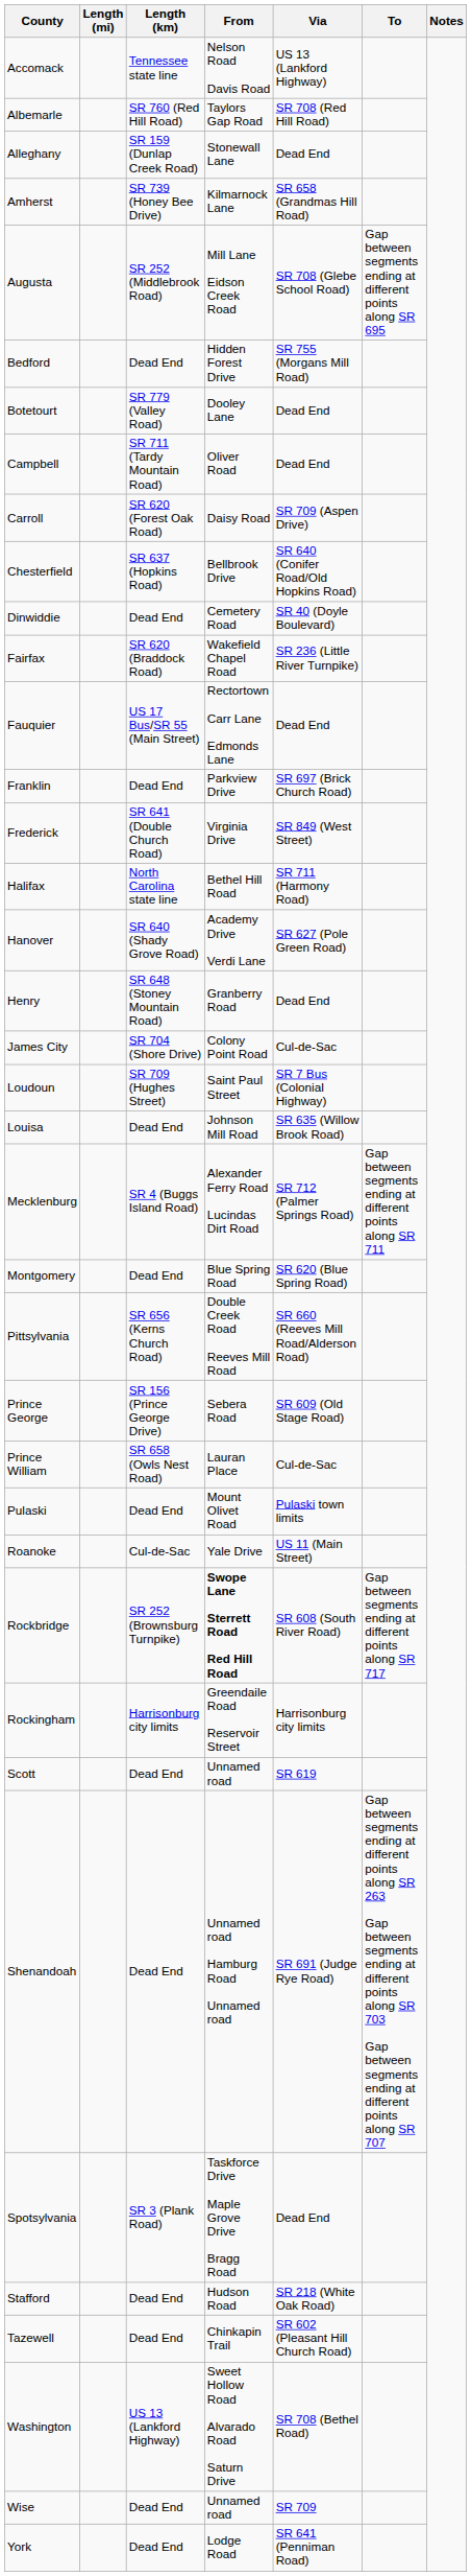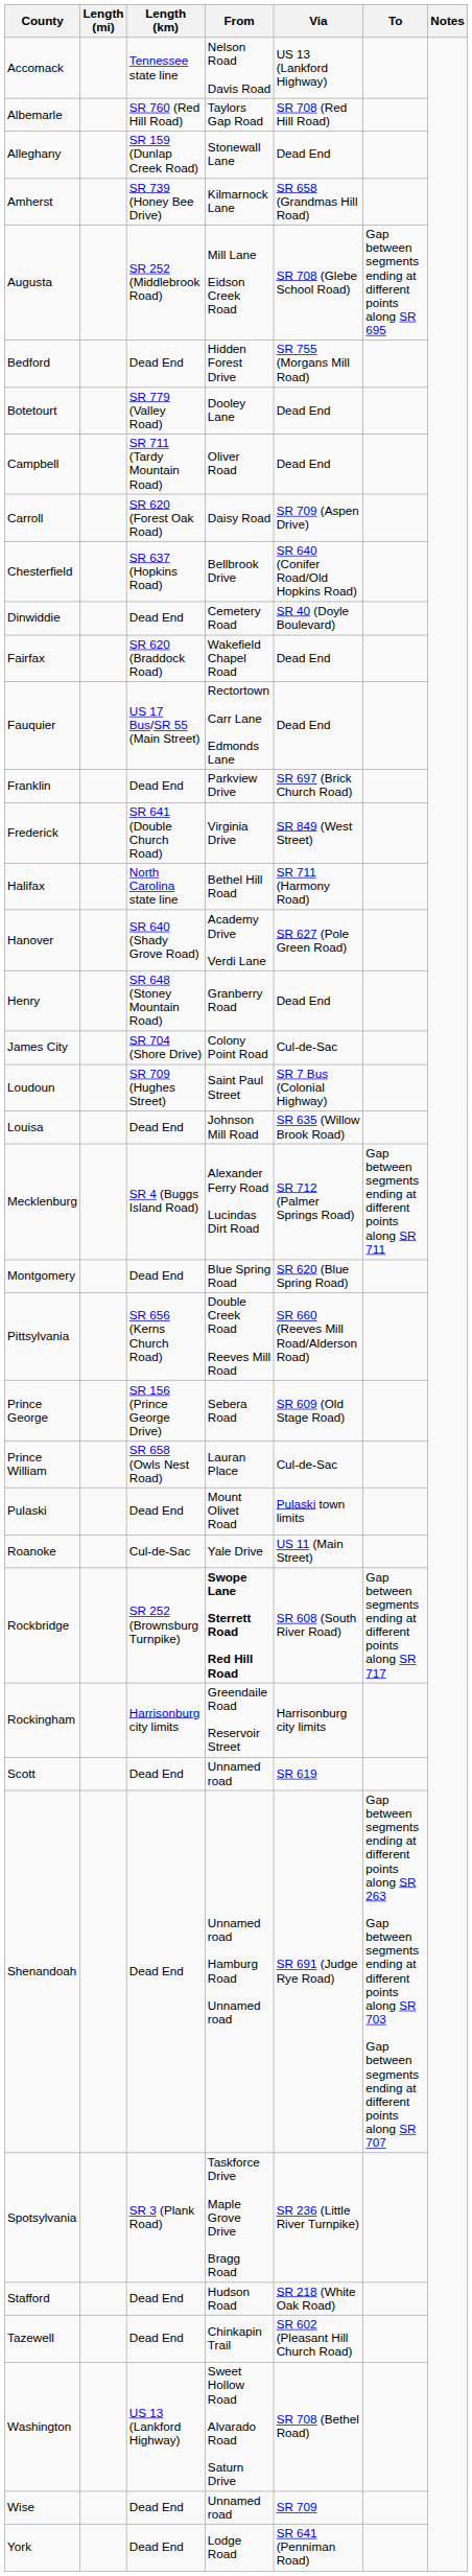 <table class="wikitable sortable">
 <tr>
 <th>County</th>
 <th>Length<br>(mi)</th>
 <th>Length<br>(km)</th>
 <th class="unsortable">From</th>
 <th class="unsortable">Via</th>
 <th class="unsortable">To</th>
 <th class="unsortable">Notes</th>
 </tr>
 <tr>
 <td id="Accomack">Accomack</td>
 <td></td>
 <td><a href='#'>Tennessee</a> state line</td>
 <td>Nelson Road<br><br>Davis Road</td>
 <td>US 13 (Lankford Highway)</td>
 <td></td>
 </tr>
 <tr>
 <td id="Albemarle">Albemarle</td>
 <td></td>
 <td><a href='#'>SR 760</a> (Red Hill Road)</td>
 <td>Taylors Gap Road</td>
 <td><a href='#'>SR 708</a> (Red Hill Road)</td>
 <td></td>
 </tr>
 <tr>
 <td id="Alleghany">Alleghany</td>
 <td></td>
 <td><a href='#'>SR 159</a> (Dunlap Creek Road)</td>
 <td>Stonewall Lane</td>
 <td>Dead End</td>
 <td><br></td>
 </tr>
 <tr>
 <td id="Amherst">Amherst</td>
 <td></td>
 <td><a href='#'>SR 739</a> (Honey Bee Drive)</td>
 <td>Kilmarnock Lane</td>
 <td><a href='#'>SR 658</a> (Grandmas Hill Road)</td>
 <td><br> </td>
 </tr>
 <tr>
 <td id="Augusta">Augusta</td>
 <td></td>
 <td><a href='#'>SR 252</a> (Middlebrook Road)</td>
 <td>Mill Lane<br><br>Eidson Creek Road</td>
 <td><a href='#'>SR 708</a> (Glebe School Road)</td>
 <td>Gap between segments ending at different points along <a href='#'>SR 695</a><br></td>
 </tr>
 <tr>
 <td id="Bedford">Bedford</td>
 <td></td>
 <td>Dead End</td>
 <td>Hidden Forest Drive</td>
 <td><a href='#'>SR 755</a> (Morgans Mill Road)</td>
 <td><br></td>
 </tr>
 <tr>
 <td id="Botetourt">Botetourt</td>
 <td></td>
 <td><a href='#'>SR 779</a> (Valley Road)</td>
 <td>Dooley Lane</td>
 <td>Dead End</td>
 <td><br>  </td>
 </tr>
 <tr>
 <td id="Campbell">Campbell</td>
 <td></td>
 <td><a href='#'>SR 711</a> (Tardy Mountain Road)</td>
 <td>Oliver Road</td>
 <td>Dead End</td>
 <td><br></td>
 </tr>
 <tr>
 <td id="Carroll">Carroll</td>
 <td></td>
 <td><a href='#'>SR 620</a> (Forest Oak Road)</td>
 <td>Daisy Road</td>
 <td><a href='#'>SR 709</a> (Aspen Drive)</td>
 <td><br> </td>
 </tr>
 <tr>
 <td id="Chesterfield">Chesterfield</td>
 <td></td>
 <td><a href='#'>SR 637</a> (Hopkins Road)</td>
 <td>Bellbrook Drive</td>
 <td><a href='#'>SR 640</a> (Conifer Road/Old Hopkins Road)</td>
 <td><br>    </td>
 </tr>
 <tr>
 <td id="Dinwiddie">Dinwiddie</td>
 <td></td>
 <td>Dead End</td>
 <td>Cemetery Road</td>
 <td><a href='#'>SR 40</a> (Doyle Boulevard)</td>
 <td><br></td>
 </tr>
 <tr>
 <td id="Fairfax">Fairfax</td>
 <td></td>
 <td><a href='#'>SR 620</a> (Braddock Road)</td>
 <td>Wakefield Chapel Road</td>
-<td><a href='#'>SR 236</a> (Little River Turnpike)</td>
+<td>Dead End</td>
 <td></td>
 </tr>
 <tr>
 <td id="Fauquier">Fauquier</td>
 <td></td>
 <td><a href='#'>US 17 Bus</a>/<a href='#'>SR 55</a> (Main Street)</td>
 <td>Rectortown<br><br>Carr Lane<br><br>Edmonds Lane</td>
 <td>Dead End</td>
 <td><br> </td>
 </tr>
 <tr>
 <td id="Franklin">Franklin</td>
 <td></td>
 <td>Dead End</td>
 <td>Parkview Drive</td>
 <td><a href='#'>SR 697</a> (Brick Church Road)</td>
 <td></td>
 </tr>
 <tr>
 <td id="Frederick">Frederick</td>
 <td></td>
 <td><a href='#'>SR 641</a> (Double Church Road)</td>
 <td>Virginia Drive</td>
 <td><a href='#'>SR 849</a> (West Street)</td>
 <td><br>     </td>
 </tr>
 <tr>
 <td id="Halifax">Halifax</td>
 <td></td>
 <td><a href='#'>North Carolina</a> state line</td>
 <td>Bethel Hill Road</td>
 <td><a href='#'>SR 711</a> (Harmony Road)</td>
 <td></td>
 </tr>
 <tr>
 <td id="Hanover">Hanover</td>
 <td></td>
 <td><a href='#'>SR 640</a> (Shady Grove Road)</td>
 <td>Academy Drive<br><br>Verdi Lane</td>
 <td><a href='#'>SR 627</a> (Pole Green Road)</td>
 <td><br></td>
 </tr>
 <tr>
 <td id="Henry">Henry</td>
 <td></td>
 <td><a href='#'>SR 648</a> (Stoney Mountain Road)</td>
 <td>Granberry Road</td>
 <td>Dead End</td>
 <td><br> </td>
 </tr>
 <tr>
 <td id="James City">James City</td>
 <td></td>
 <td><a href='#'>SR 704</a> (Shore Drive)</td>
 <td>Colony Point Road</td>
 <td>Cul-de-Sac</td>
 <td><br>    </td>
 </tr>
 <tr>
 <td id="Loudoun">Loudoun</td>
 <td></td>
 <td><a href='#'>SR 709</a> (Hughes Street)</td>
 <td>Saint Paul Street</td>
 <td><a href='#'>SR 7 Bus</a> (Colonial Highway)</td>
 <td></td>
 </tr>
 <tr>
 <td id="Louisa">Louisa</td>
 <td></td>
 <td>Dead End</td>
 <td>Johnson Mill Road</td>
 <td><a href='#'>SR 635</a> (Willow Brook Road)</td>
 <td><br>  </td>
 </tr>
 <tr>
 <td id="Mecklenburg">Mecklenburg</td>
 <td></td>
 <td><a href='#'>SR 4</a> (Buggs Island Road)</td>
 <td>Alexander Ferry Road<br><br>Lucindas Dirt Road</td>
 <td><a href='#'>SR 712</a> (Palmer Springs Road)</td>
 <td>Gap between segments ending at different points along <a href='#'>SR 711</a><br></td>
 </tr>
 <tr>
 <td id="Montgomery">Montgomery</td>
 <td></td>
 <td>Dead End</td>
 <td>Blue Spring Road</td>
 <td><a href='#'>SR 620</a> (Blue Spring Road)</td>
 <td><br>       </td>
 </tr>
 <tr>
 <td id="Pittsylvania">Pittsylvania</td>
 <td></td>
 <td><a href='#'>SR 656</a> (Kerns Church Road)</td>
 <td>Double Creek Road<br><br>Reeves Mill Road</td>
 <td><a href='#'>SR 660</a> (Reeves Mill Road/Alderson Road)</td>
 <td><br> </td>
 </tr>
 <tr>
 <td id="Prince George">Prince George</td>
 <td></td>
 <td><a href='#'>SR 156</a> (Prince George Drive)</td>
 <td>Sebera Road</td>
 <td><a href='#'>SR 609</a> (Old Stage Road)</td>
 <td></td>
 </tr>
 <tr>
 <td id="Prince William">Prince William</td>
 <td></td>
 <td><a href='#'>SR 658</a> (Owls Nest Road)</td>
 <td>Lauran Place</td>
 <td>Cul-de-Sac</td>
 <td></td>
 </tr>
 <tr>
 <td id="Pulaski">Pulaski</td>
 <td></td>
 <td>Dead End</td>
 <td>Mount Olivet Road</td>
 <td><a href='#'>Pulaski</a> town limits</td>
 <td><br> </td>
 </tr>
 <tr>
 <td id="Roanoke">Roanoke</td>
 <td></td>
 <td>Cul-de-Sac</td>
 <td>Yale Drive</td>
 <td><a href='#'>US 11</a> (Main Street)</td>
 <td></td>
 </tr>
 <tr>
 <td id="Rockbridge">Rockbridge</td>
 <td></td>
 <td><a href='#'>SR 252</a> (Brownsburg Turnpike)</td>
 <td><strong>Swope Lane<br><br>Sterrett Road<br><br>Red Hill Road</strong></td>
 <td><a href='#'>SR 608</a> (South River Road)</td>
 <td>Gap between segments ending at different points along <a href='#'>SR 717</a></td>
 </tr>
 <tr>
 <td id="Rockingham">Rockingham</td>
 <td></td>
 <td><a href='#'>Harrisonburg</a> city limits</td>
 <td>Greendaile Road<br><br>Reservoir Street</td>
 <td>Harrisonburg city limits</td>
 <td><br></td>
 </tr>
 <tr>
 <td id="Scott">Scott</td>
 <td></td>
 <td>Dead End</td>
 <td>Unnamed road</td>
 <td><a href='#'>SR 619</a></td>
 <td></td>
 </tr>
 <tr>
 <td id="Shenandoah">Shenandoah</td>
 <td></td>
 <td>Dead End</td>
 <td>Unnamed road<br><br>Hamburg Road<br><br>Unnamed road</td>
 <td><a href='#'>SR 691</a> (Judge Rye Road)</td>
 <td>Gap between segments ending at different points along <a href='#'>SR 263</a><br><br>Gap between segments ending at different points along <a href='#'>SR 703</a><br><br>Gap between segments ending at different points along <a href='#'>SR 707</a><br> </td>
 </tr>
 <tr>
 <td id="Spotsylvania">Spotsylvania</td>
 <td></td>
 <td><a href='#'>SR 3</a> (Plank Road)</td>
 <td>Taskforce Drive<br><br>Maple Grove Drive<br><br>Bragg Road</td>
-<td>Dead End</td>
+<td><a href='#'>SR 236</a> (Little River Turnpike)</td>
 <td></td>
 </tr>
 <tr>
 <td id="Stafford">Stafford</td>
 <td></td>
 <td>Dead End</td>
 <td>Hudson Road</td>
 <td><a href='#'>SR 218</a> (White Oak Road)</td>
 <td><br> </td>
 </tr>
 <tr>
 <td id="Tazewell">Tazewell</td>
 <td></td>
 <td>Dead End</td>
 <td>Chinkapin Trail</td>
 <td><a href='#'>SR 602</a> (Pleasant Hill Church Road)</td>
 <td><br></td>
 </tr>
 <tr>
 <td id="Washington">Washington</td>
 <td></td>
 <td><a href='#'>US 13</a> (Lankford Highway)</td>
 <td>Sweet Hollow Road<br><br>Alvarado Road<br><br>Saturn Drive</td>
 <td><a href='#'>SR 708</a> (Bethel Road)</td>
 <td><br></td>
 </tr>
 <tr>
 <td id="Wise">Wise</td>
 <td></td>
 <td>Dead End</td>
 <td>Unnamed road</td>
 <td><a href='#'>SR 709</a></td>
 <td><br></td>
 </tr>
 <tr>
 <td id="York">York</td>
 <td></td>
 <td>Dead End</td>
 <td>Lodge Road</td>
 <td><a href='#'>SR 641</a> (Penniman Road)</td>
 <td></td>
 </tr>
 </table>
